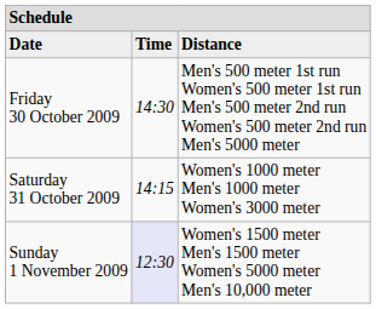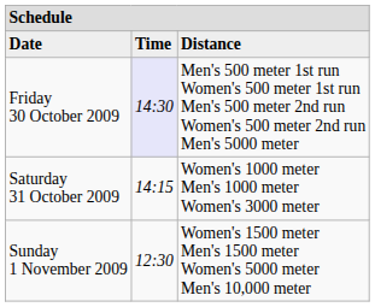 <table class="wikitable">
 <tr align=left bgcolor=#DDDDDD>
 <td colspan=3><strong>Schedule</strong></td>
 </tr>
 <tr align=left bgcolor=#EEEEEE>
 <td><strong>Date</strong></td>
 <td><strong>Time</strong></td>
 <td><strong>Distance</strong></td>
 </tr>
 <tr>
 <td>Friday<br>30 October 2009</td>
-<td><em>14:30</em></td>
+<td style="background: lavender;"><em>14:30</em></td>
 <td>Men's 500 meter 1st run<br>Women's 500 meter 1st run<br>Men's 500 meter 2nd run<br>Women's 500 meter 2nd run<br>Men's 5000 meter</td>
 </tr>
 <tr>
 <td>Saturday<br>31 October 2009</td>
 <td><em>14:15</em></td>
 <td>Women's 1000 meter<br>Men's 1000 meter<br>Women's 3000 meter</td>
 </tr>
 <tr>
 <td>Sunday<br>1 November 2009</td>
-<td style="background: lavender;"><em>12:30</em></td>
+<td><em>12:30</em></td>
 <td>Women's 1500 meter<br>Men's 1500 meter<br>Women's 5000 meter<br>Men's 10,000 meter</td>
 </tr>
 </table>
